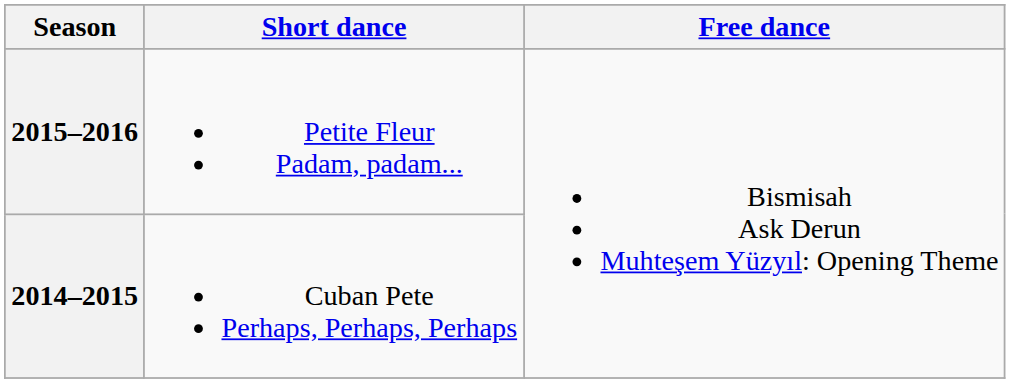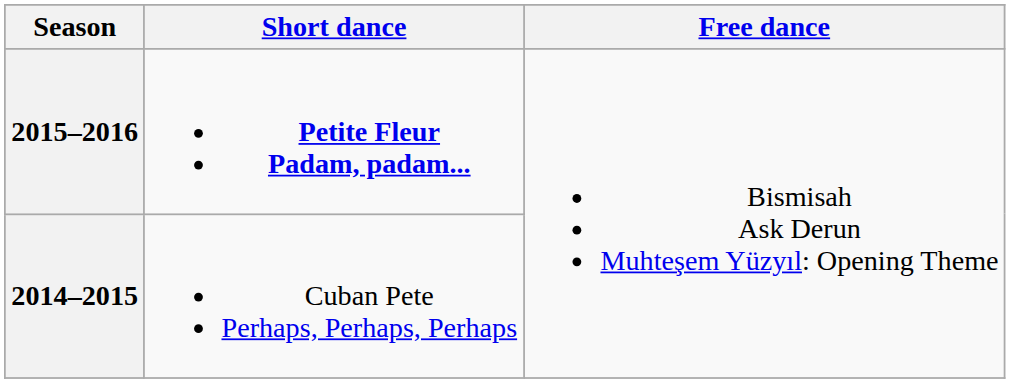 <table class=wikitable style=text-align:center>
 <tr>
 <th>Season</th>
 <th><a href='#'>Short dance</a></th>
 <th><a href='#'>Free dance</a></th>
 </tr>
 <tr>
 <th>2015–2016 <br> </th>
-<td><br><ul><li> <a href='#'>Petite Fleur</a> <br></li><li> <a href='#'>Padam, padam...</a> <br></li></ul></td>
+<td><strong><br><ul><li> <a href='#'>Petite Fleur</a> <br></li><li> <a href='#'>Padam, padam...</a> <br></li></ul></strong></td>
 <td rowspan=2><br><ul><li>Bismisah</li><li>Ask Derun</li><li><a href='#'>Muhteşem Yüzyıl</a>: Opening Theme <br></li></ul></td>
 </tr>
 <tr>
 <th>2014–2015</th>
 <td><br><ul><li>Cuban Pete</li><li><a href='#'>Perhaps, Perhaps, Perhaps</a> <br></li></ul></td>
 </tr>
 </table>
